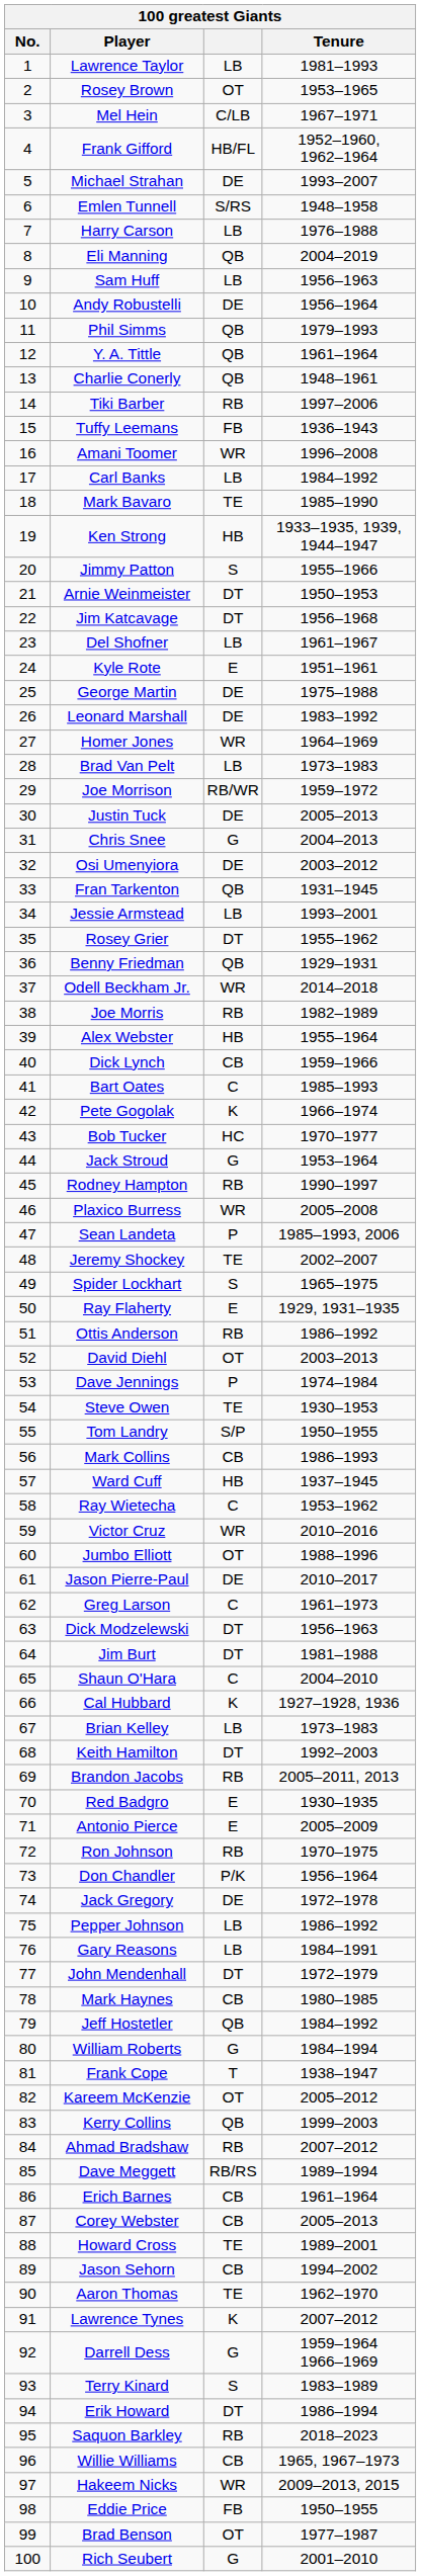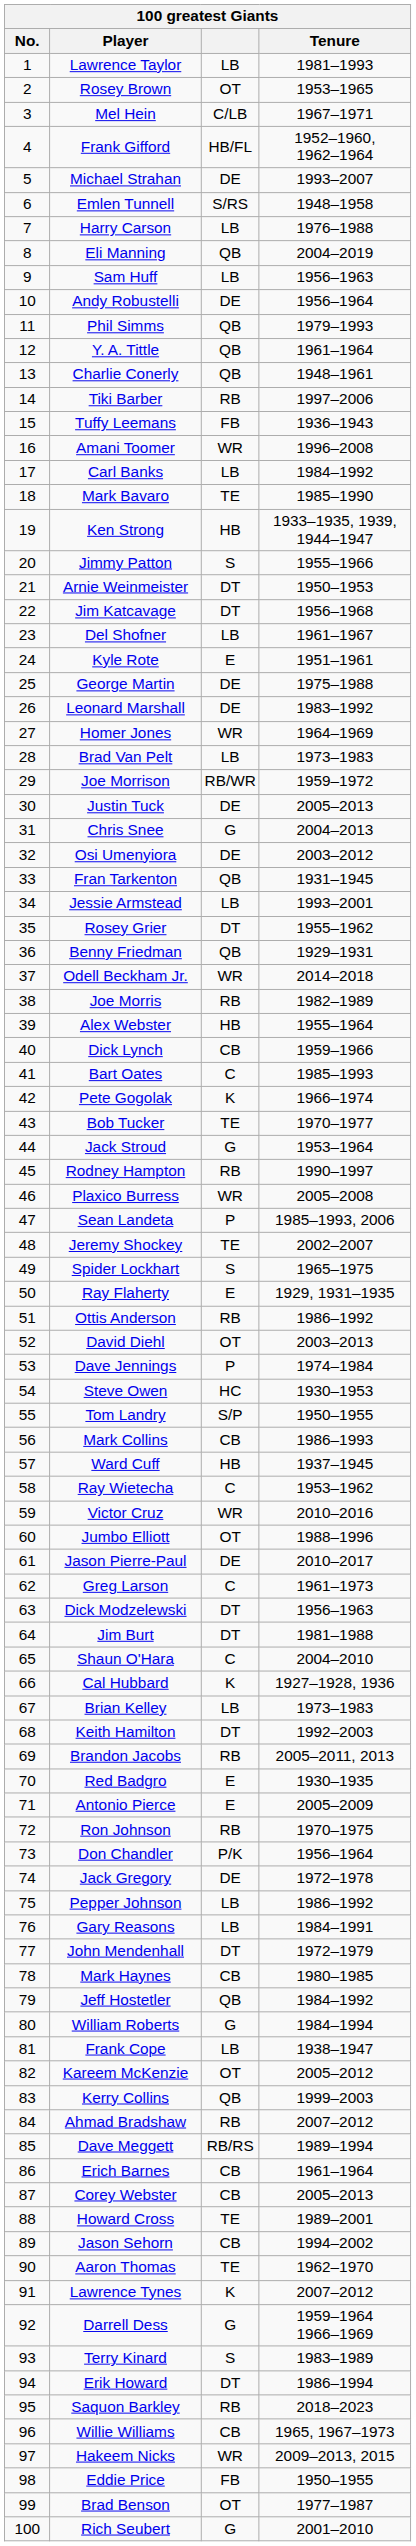 <table class="wikitable" style="text-align:center">
 <tr>
 <th colspan="4">100 greatest Giants</th>
 </tr>
 <tr>
 <th style="width:40px;">No.</th>
 <th style="width:150px;">Player</th>
 <th style="width:40px;"></th>
 <th style="width:150px;">Tenure</th>
 </tr>
 <tr>
 <td>1</td>
 <td><a href='#'>Lawrence Taylor</a></td>
 <td>LB</td>
 <td>1981–1993</td>
 </tr>
 <tr>
 <td>2</td>
 <td><a href='#'>Rosey Brown</a></td>
 <td>OT</td>
 <td>1953–1965</td>
 </tr>
 <tr>
 <td>3</td>
 <td><a href='#'>Mel Hein</a></td>
 <td>C/LB</td>
 <td>1967–1971</td>
 </tr>
 <tr>
 <td>4</td>
 <td><a href='#'>Frank Gifford</a></td>
 <td>HB/FL</td>
 <td>1952–1960, <br> 1962–1964</td>
 </tr>
 <tr>
 <td>5</td>
 <td><a href='#'>Michael Strahan</a></td>
 <td>DE</td>
 <td>1993–2007</td>
 </tr>
 <tr>
 <td>6</td>
 <td><a href='#'>Emlen Tunnell</a></td>
 <td>S/RS</td>
 <td>1948–1958</td>
 </tr>
 <tr>
 <td>7</td>
 <td><a href='#'>Harry Carson</a></td>
 <td>LB</td>
 <td>1976–1988</td>
 </tr>
 <tr>
 <td>8</td>
 <td><a href='#'>Eli Manning</a></td>
 <td>QB</td>
 <td>2004–2019</td>
 </tr>
 <tr>
 <td>9</td>
 <td><a href='#'>Sam Huff</a></td>
 <td>LB</td>
 <td>1956–1963</td>
 </tr>
 <tr>
 <td>10</td>
 <td><a href='#'>Andy Robustelli</a></td>
 <td>DE</td>
 <td>1956–1964</td>
 </tr>
 <tr>
 <td>11</td>
 <td><a href='#'>Phil Simms</a></td>
 <td>QB</td>
 <td>1979–1993</td>
 </tr>
 <tr>
 <td>12</td>
 <td><a href='#'>Y. A. Tittle</a></td>
 <td>QB</td>
 <td>1961–1964</td>
 </tr>
 <tr>
 <td>13</td>
 <td><a href='#'>Charlie Conerly</a></td>
 <td>QB</td>
 <td>1948–1961</td>
 </tr>
 <tr>
 <td>14</td>
 <td><a href='#'>Tiki Barber</a></td>
 <td>RB</td>
 <td>1997–2006</td>
 </tr>
 <tr>
 <td>15</td>
 <td><a href='#'>Tuffy Leemans</a></td>
 <td>FB</td>
 <td>1936–1943</td>
 </tr>
 <tr>
 <td>16</td>
 <td><a href='#'>Amani Toomer</a></td>
 <td>WR</td>
 <td>1996–2008</td>
 </tr>
 <tr>
 <td>17</td>
 <td><a href='#'>Carl Banks</a></td>
 <td>LB</td>
 <td>1984–1992</td>
 </tr>
 <tr>
 <td>18</td>
 <td><a href='#'>Mark Bavaro</a></td>
 <td>TE</td>
 <td>1985–1990</td>
 </tr>
 <tr>
 <td>19</td>
 <td><a href='#'>Ken Strong</a></td>
 <td>HB</td>
 <td>1933–1935, 1939, <br> 1944–1947</td>
 </tr>
 <tr>
 <td>20</td>
 <td><a href='#'>Jimmy Patton</a></td>
 <td>S</td>
 <td>1955–1966</td>
 </tr>
 <tr>
 <td>21</td>
 <td><a href='#'>Arnie Weinmeister</a></td>
 <td>DT</td>
 <td>1950–1953</td>
 </tr>
 <tr>
 <td>22</td>
 <td><a href='#'>Jim Katcavage</a></td>
 <td>DT</td>
 <td>1956–1968</td>
 </tr>
 <tr>
 <td>23</td>
 <td><a href='#'>Del Shofner</a></td>
 <td>LB</td>
 <td>1961–1967</td>
 </tr>
 <tr>
 <td>24</td>
 <td><a href='#'>Kyle Rote</a></td>
 <td>E</td>
 <td>1951–1961</td>
 </tr>
 <tr>
 <td>25</td>
 <td><a href='#'>George Martin</a></td>
 <td>DE</td>
 <td>1975–1988</td>
 </tr>
 <tr>
 <td>26</td>
 <td><a href='#'>Leonard Marshall</a></td>
 <td>DE</td>
 <td>1983–1992</td>
 </tr>
 <tr>
 <td>27</td>
 <td><a href='#'>Homer Jones</a></td>
 <td>WR</td>
 <td>1964–1969</td>
 </tr>
 <tr>
 <td>28</td>
 <td><a href='#'>Brad Van Pelt</a></td>
 <td>LB</td>
 <td>1973–1983</td>
 </tr>
 <tr>
 <td>29</td>
 <td><a href='#'>Joe Morrison</a></td>
 <td>RB/WR</td>
 <td>1959–1972</td>
 </tr>
 <tr>
 <td>30</td>
 <td><a href='#'>Justin Tuck</a></td>
 <td>DE</td>
 <td>2005–2013</td>
 </tr>
 <tr>
 <td>31</td>
 <td><a href='#'>Chris Snee</a></td>
 <td>G</td>
 <td>2004–2013</td>
 </tr>
 <tr>
 <td>32</td>
 <td><a href='#'>Osi Umenyiora</a></td>
 <td>DE</td>
 <td>2003–2012</td>
 </tr>
 <tr>
 <td>33</td>
 <td><a href='#'>Fran Tarkenton</a></td>
 <td>QB</td>
 <td>1931–1945</td>
 </tr>
 <tr>
 <td>34</td>
 <td><a href='#'>Jessie Armstead</a></td>
 <td>LB</td>
 <td>1993–2001</td>
 </tr>
 <tr>
 <td>35</td>
 <td><a href='#'>Rosey Grier</a></td>
 <td>DT</td>
 <td>1955–1962</td>
 </tr>
 <tr>
 <td>36</td>
 <td><a href='#'>Benny Friedman</a></td>
 <td>QB</td>
 <td>1929–1931</td>
 </tr>
 <tr>
 <td>37</td>
 <td><a href='#'>Odell Beckham Jr.</a></td>
 <td>WR</td>
 <td>2014–2018</td>
 </tr>
 <tr>
 <td>38</td>
 <td><a href='#'>Joe Morris</a></td>
 <td>RB</td>
 <td>1982–1989</td>
 </tr>
 <tr>
 <td>39</td>
 <td><a href='#'>Alex Webster</a></td>
 <td>HB</td>
 <td>1955–1964</td>
 </tr>
 <tr>
 <td>40</td>
 <td><a href='#'>Dick Lynch</a></td>
 <td>CB</td>
 <td>1959–1966</td>
 </tr>
 <tr>
 <td>41</td>
 <td><a href='#'>Bart Oates</a></td>
 <td>C</td>
 <td>1985–1993</td>
 </tr>
 <tr>
 <td>42</td>
 <td><a href='#'>Pete Gogolak</a></td>
 <td>K</td>
 <td>1966–1974</td>
 </tr>
 <tr>
 <td>43</td>
 <td><a href='#'>Bob Tucker</a></td>
-<td>HC</td>
+<td>TE</td>
 <td>1970–1977</td>
 </tr>
 <tr>
 <td>44</td>
 <td><a href='#'>Jack Stroud</a></td>
 <td>G</td>
 <td>1953–1964</td>
 </tr>
 <tr>
 <td>45</td>
 <td><a href='#'>Rodney Hampton</a></td>
 <td>RB</td>
 <td>1990–1997</td>
 </tr>
 <tr>
 <td>46</td>
 <td><a href='#'>Plaxico Burress</a></td>
 <td>WR</td>
 <td>2005–2008</td>
 </tr>
 <tr>
 <td>47</td>
 <td><a href='#'>Sean Landeta</a></td>
 <td>P</td>
 <td>1985–1993, 2006</td>
 </tr>
 <tr>
 <td>48</td>
 <td><a href='#'>Jeremy Shockey</a></td>
 <td>TE</td>
 <td>2002–2007</td>
 </tr>
 <tr>
 <td>49</td>
 <td><a href='#'>Spider Lockhart</a></td>
 <td>S</td>
 <td>1965–1975</td>
 </tr>
 <tr>
 <td>50</td>
 <td><a href='#'>Ray Flaherty</a></td>
 <td>E</td>
 <td>1929, 1931–1935</td>
 </tr>
 <tr>
 <td>51</td>
 <td><a href='#'>Ottis Anderson</a></td>
 <td>RB</td>
 <td>1986–1992</td>
 </tr>
 <tr>
 <td>52</td>
 <td><a href='#'>David Diehl</a></td>
 <td>OT</td>
 <td>2003–2013</td>
 </tr>
 <tr>
 <td>53</td>
 <td><a href='#'>Dave Jennings</a></td>
 <td>P</td>
 <td>1974–1984</td>
 </tr>
 <tr>
 <td>54</td>
 <td><a href='#'>Steve Owen</a></td>
-<td>TE</td>
+<td>HC</td>
 <td>1930–1953</td>
 </tr>
 <tr>
 <td>55</td>
 <td><a href='#'>Tom Landry</a></td>
 <td>S/P</td>
 <td>1950–1955</td>
 </tr>
 <tr>
 <td>56</td>
 <td><a href='#'>Mark Collins</a></td>
 <td>CB</td>
 <td>1986–1993</td>
 </tr>
 <tr>
 <td>57</td>
 <td><a href='#'>Ward Cuff</a></td>
 <td>HB</td>
 <td>1937–1945</td>
 </tr>
 <tr>
 <td>58</td>
 <td><a href='#'>Ray Wietecha</a></td>
 <td>C</td>
 <td>1953–1962</td>
 </tr>
 <tr>
 <td>59</td>
 <td><a href='#'>Victor Cruz</a></td>
 <td>WR</td>
 <td>2010–2016</td>
 </tr>
 <tr>
 <td>60</td>
 <td><a href='#'>Jumbo Elliott</a></td>
 <td>OT</td>
 <td>1988–1996</td>
 </tr>
 <tr>
 <td>61</td>
 <td><a href='#'>Jason Pierre-Paul</a></td>
 <td>DE</td>
 <td>2010–2017</td>
 </tr>
 <tr>
 <td>62</td>
 <td><a href='#'>Greg Larson</a></td>
 <td>C</td>
 <td>1961–1973</td>
 </tr>
 <tr>
 <td>63</td>
 <td><a href='#'>Dick Modzelewski</a></td>
 <td>DT</td>
 <td>1956–1963</td>
 </tr>
 <tr>
 <td>64</td>
 <td><a href='#'>Jim Burt</a></td>
 <td>DT</td>
 <td>1981–1988</td>
 </tr>
 <tr>
 <td>65</td>
 <td><a href='#'>Shaun O'Hara</a></td>
 <td>C</td>
 <td>2004–2010</td>
 </tr>
 <tr>
 <td>66</td>
 <td><a href='#'>Cal Hubbard</a></td>
 <td>K</td>
 <td>1927–1928, 1936</td>
 </tr>
 <tr>
 <td>67</td>
 <td><a href='#'>Brian Kelley</a></td>
 <td>LB</td>
 <td>1973–1983</td>
 </tr>
 <tr>
 <td>68</td>
 <td><a href='#'>Keith Hamilton</a></td>
 <td>DT</td>
 <td>1992–2003</td>
 </tr>
 <tr>
 <td>69</td>
 <td><a href='#'>Brandon Jacobs</a></td>
 <td>RB</td>
 <td>2005–2011, 2013</td>
 </tr>
 <tr>
 <td>70</td>
 <td><a href='#'>Red Badgro</a></td>
 <td>E</td>
 <td>1930–1935</td>
 </tr>
 <tr>
 <td>71</td>
 <td><a href='#'>Antonio Pierce</a></td>
 <td>E</td>
 <td>2005–2009</td>
 </tr>
 <tr>
 <td>72</td>
 <td><a href='#'>Ron Johnson</a></td>
 <td>RB</td>
 <td>1970–1975</td>
 </tr>
 <tr>
 <td>73</td>
 <td><a href='#'>Don Chandler</a></td>
 <td>P/K</td>
 <td>1956–1964</td>
 </tr>
 <tr>
 <td>74</td>
 <td><a href='#'>Jack Gregory</a></td>
 <td>DE</td>
 <td>1972–1978</td>
 </tr>
 <tr>
 <td>75</td>
 <td><a href='#'>Pepper Johnson</a></td>
 <td>LB</td>
 <td>1986–1992</td>
 </tr>
 <tr>
 <td>76</td>
 <td><a href='#'>Gary Reasons</a></td>
 <td>LB</td>
 <td>1984–1991</td>
 </tr>
 <tr>
 <td>77</td>
 <td><a href='#'>John Mendenhall</a></td>
 <td>DT</td>
 <td>1972–1979</td>
 </tr>
 <tr>
 <td>78</td>
 <td><a href='#'>Mark Haynes</a></td>
 <td>CB</td>
 <td>1980–1985</td>
 </tr>
 <tr>
 <td>79</td>
 <td><a href='#'>Jeff Hostetler</a></td>
 <td>QB</td>
 <td>1984–1992</td>
 </tr>
 <tr>
 <td>80</td>
 <td><a href='#'>William Roberts</a></td>
 <td>G</td>
 <td>1984–1994</td>
 </tr>
 <tr>
 <td>81</td>
 <td><a href='#'>Frank Cope</a></td>
-<td>T</td>
+<td>LB</td>
 <td>1938–1947</td>
 </tr>
 <tr>
 <td>82</td>
 <td><a href='#'>Kareem McKenzie</a></td>
 <td>OT</td>
 <td>2005–2012</td>
 </tr>
 <tr>
 <td>83</td>
 <td><a href='#'>Kerry Collins</a></td>
 <td>QB</td>
 <td>1999–2003</td>
 </tr>
 <tr>
 <td>84</td>
 <td><a href='#'>Ahmad Bradshaw</a></td>
 <td>RB</td>
 <td>2007–2012</td>
 </tr>
 <tr>
 <td>85</td>
 <td><a href='#'>Dave Meggett</a></td>
 <td>RB/RS</td>
 <td>1989–1994</td>
 </tr>
 <tr>
 <td>86</td>
 <td><a href='#'>Erich Barnes</a></td>
 <td>CB</td>
 <td>1961–1964</td>
 </tr>
 <tr>
 <td>87</td>
 <td><a href='#'>Corey Webster</a></td>
 <td>CB</td>
 <td>2005–2013</td>
 </tr>
 <tr>
 <td>88</td>
 <td><a href='#'>Howard Cross</a></td>
 <td>TE</td>
 <td>1989–2001</td>
 </tr>
 <tr>
 <td>89</td>
 <td><a href='#'>Jason Sehorn</a></td>
 <td>CB</td>
 <td>1994–2002</td>
 </tr>
 <tr>
 <td>90</td>
 <td><a href='#'>Aaron Thomas</a></td>
 <td>TE</td>
 <td>1962–1970</td>
 </tr>
 <tr>
 <td>91</td>
 <td><a href='#'>Lawrence Tynes</a></td>
 <td>K</td>
 <td>2007–2012</td>
 </tr>
 <tr>
 <td>92</td>
 <td><a href='#'>Darrell Dess</a></td>
 <td>G</td>
 <td>1959–1964 <br> 1966–1969</td>
 </tr>
 <tr>
 <td>93</td>
 <td><a href='#'>Terry Kinard</a></td>
 <td>S</td>
 <td>1983–1989</td>
 </tr>
 <tr>
 <td>94</td>
 <td><a href='#'>Erik Howard</a></td>
 <td>DT</td>
 <td>1986–1994</td>
 </tr>
 <tr>
 <td>95</td>
 <td><a href='#'>Saquon Barkley</a></td>
 <td>RB</td>
 <td>2018–2023</td>
 </tr>
 <tr>
 <td>96</td>
 <td><a href='#'>Willie Williams</a></td>
 <td>CB</td>
 <td>1965, 1967–1973</td>
 </tr>
 <tr>
 <td>97</td>
 <td><a href='#'>Hakeem Nicks</a></td>
 <td>WR</td>
 <td>2009–2013, 2015</td>
 </tr>
 <tr>
 <td>98</td>
 <td><a href='#'>Eddie Price</a></td>
 <td>FB</td>
 <td>1950–1955</td>
 </tr>
 <tr>
 <td>99</td>
 <td><a href='#'>Brad Benson</a></td>
 <td>OT</td>
 <td>1977–1987</td>
 </tr>
 <tr>
 <td>100</td>
 <td><a href='#'>Rich Seubert</a></td>
 <td>G</td>
 <td>2001–2010</td>
 </tr>
 </table>
